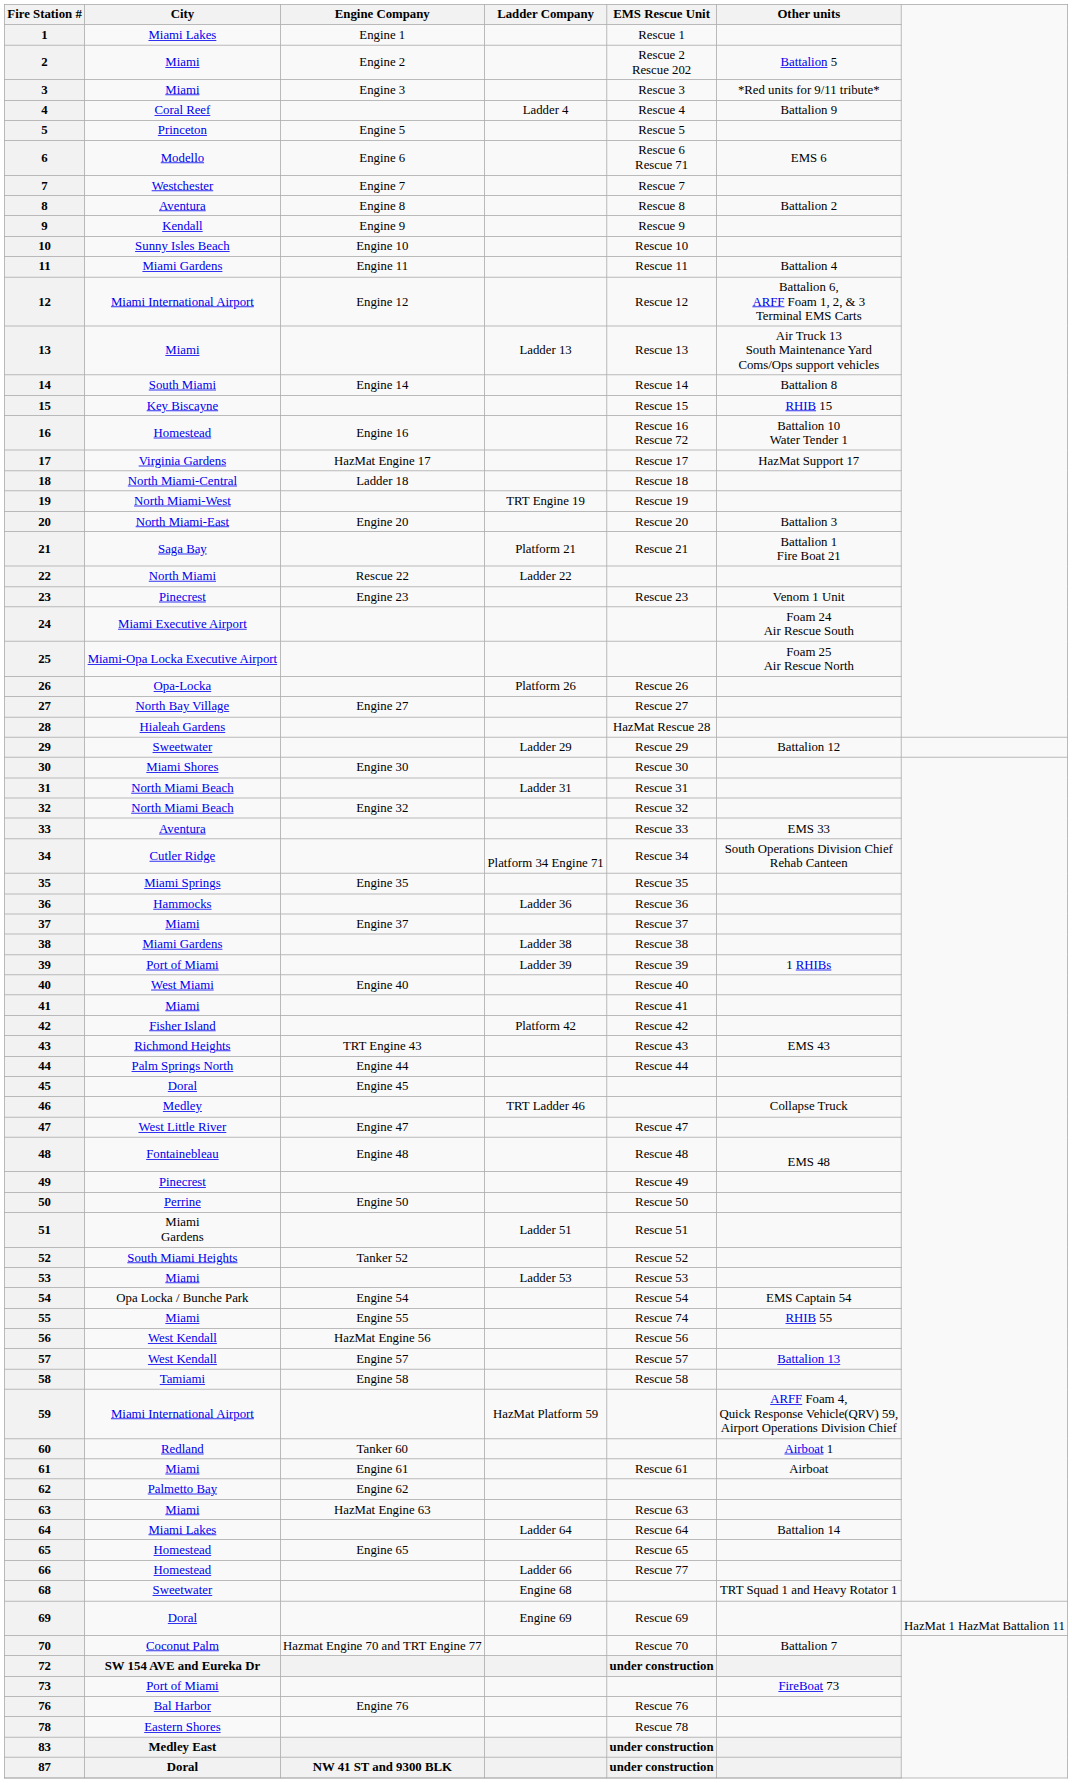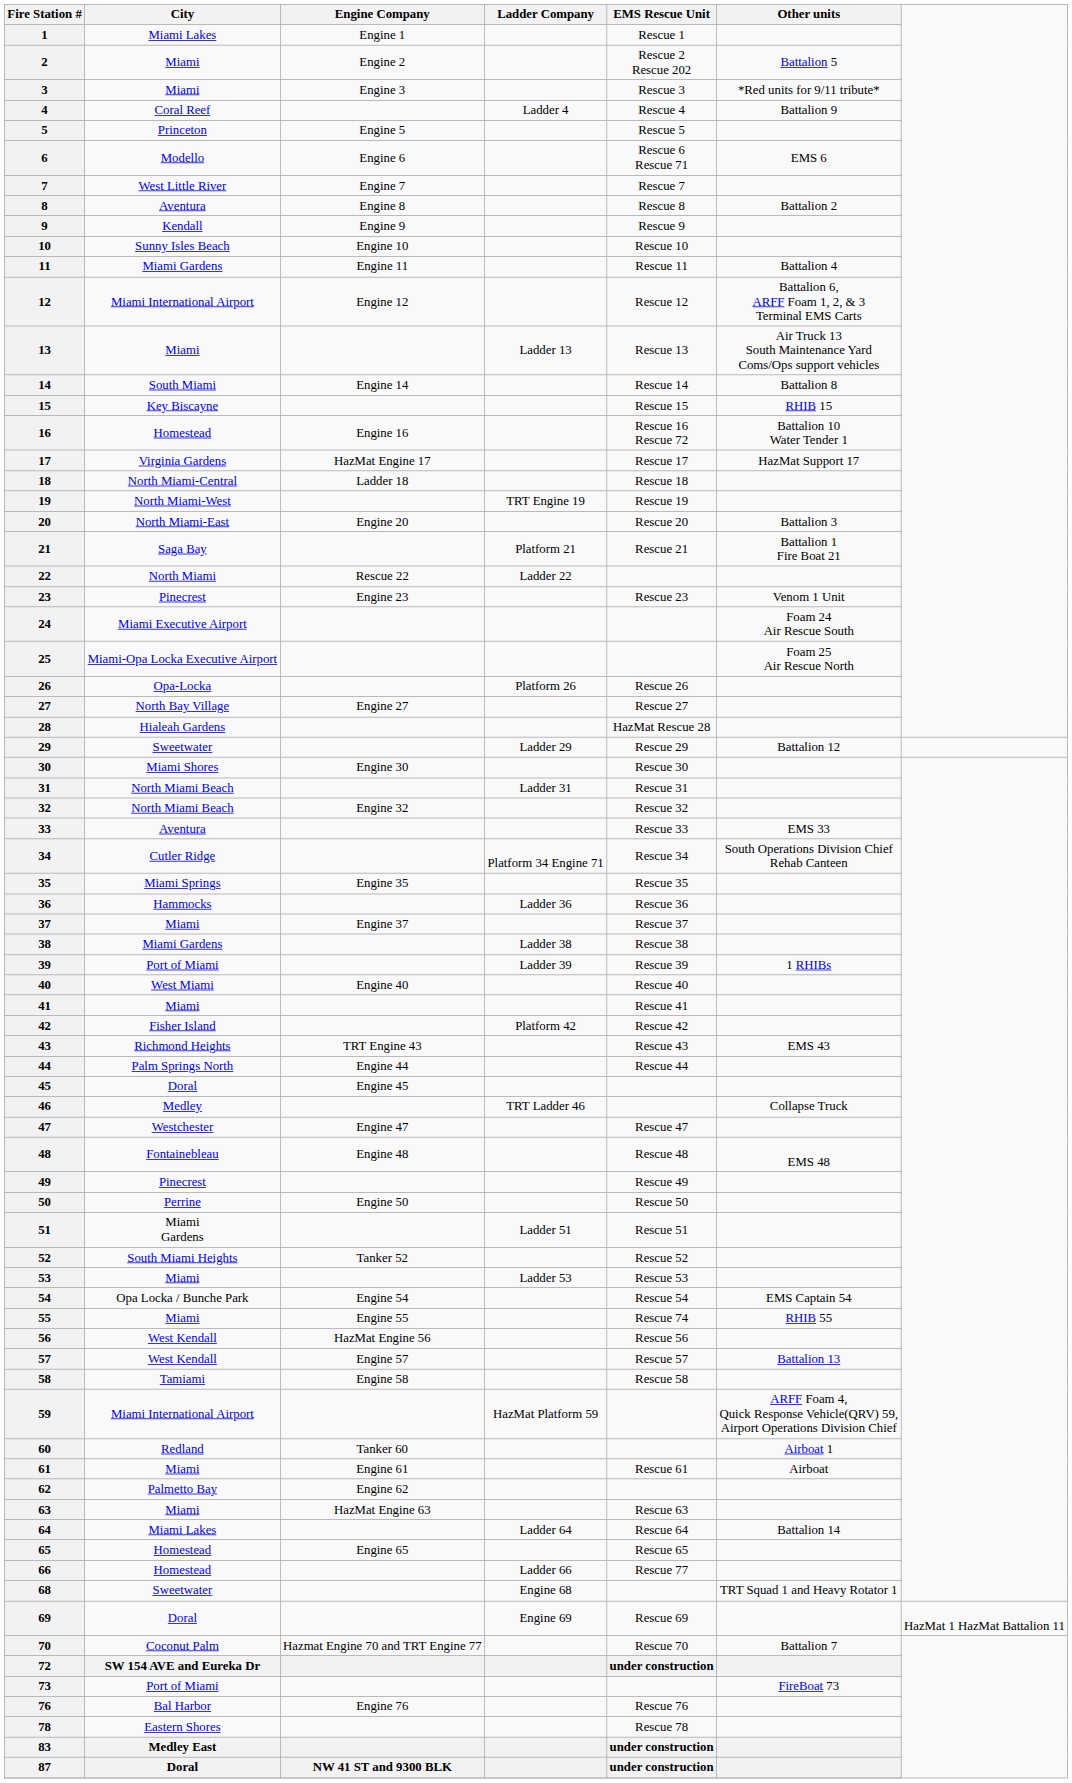 <table class=wikitable style="text-align:center;">
 <tr>
 <th>Fire Station #</th>
 <th>City</th>
 <th>Engine Company</th>
 <th>Ladder Company</th>
 <th>EMS Rescue Unit</th>
 <th>Other units</th>
 </tr>
 <tr>
 <th>1</th>
 <td><a href='#'>Miami Lakes</a></td>
 <td>Engine 1</td>
 <td></td>
 <td>Rescue 1</td>
 <td></td>
 </tr>
 <tr>
 <th>2</th>
 <td><a href='#'>Miami</a></td>
 <td>Engine 2</td>
 <td></td>
 <td>Rescue 2<br>Rescue 202</td>
 <td><a href='#'>Battalion</a> 5</td>
 </tr>
 <tr>
 <th>3</th>
 <td><a href='#'>Miami</a></td>
 <td>Engine 3</td>
 <td></td>
 <td>Rescue 3</td>
 <td>*Red units for 9/11 tribute*</td>
 </tr>
 <tr>
 <th>4</th>
 <td><a href='#'>Coral Reef</a></td>
 <td></td>
 <td>Ladder 4</td>
 <td>Rescue 4</td>
 <td>Battalion 9</td>
 </tr>
 <tr>
 <th>5</th>
 <td><a href='#'>Princeton</a></td>
 <td>Engine 5</td>
 <td></td>
 <td>Rescue 5</td>
 <td></td>
 </tr>
 <tr>
 <th>6</th>
 <td><a href='#'>Modello</a></td>
 <td>Engine 6</td>
 <td></td>
 <td>Rescue 6<br>Rescue 71</td>
 <td>EMS 6</td>
 </tr>
 <tr>
 <th>7</th>
-<td><a href='#'>Westchester</a></td>
+<td><a href='#'>West Little River</a></td>
 <td>Engine 7</td>
 <td></td>
 <td>Rescue 7</td>
 <td></td>
 </tr>
 <tr>
 <th>8</th>
 <td><a href='#'>Aventura</a></td>
 <td>Engine 8</td>
 <td></td>
 <td>Rescue 8</td>
 <td>Battalion 2</td>
 </tr>
 <tr>
 <th>9</th>
 <td><a href='#'>Kendall</a></td>
 <td>Engine 9</td>
 <td></td>
 <td>Rescue 9</td>
 <td></td>
 </tr>
 <tr>
 <th>10</th>
 <td><a href='#'>Sunny Isles Beach</a></td>
 <td>Engine 10</td>
 <td></td>
 <td>Rescue 10</td>
 <td></td>
 </tr>
 <tr>
 <th>11</th>
 <td><a href='#'>Miami Gardens</a></td>
 <td>Engine 11</td>
 <td></td>
 <td>Rescue 11</td>
 <td>Battalion 4</td>
 </tr>
 <tr>
 <th>12</th>
 <td><a href='#'>Miami International Airport</a></td>
 <td>Engine 12</td>
 <td></td>
 <td>Rescue 12</td>
 <td>Battalion 6,<br><a href='#'>ARFF</a> Foam 1, 2, & 3<br>Terminal EMS Carts</td>
 </tr>
 <tr>
 <th>13</th>
 <td><a href='#'>Miami</a></td>
 <td></td>
 <td>Ladder 13</td>
 <td>Rescue 13</td>
 <td>Air Truck 13<br>South Maintenance Yard<br>Coms/Ops support vehicles</td>
 </tr>
 <tr>
 <th>14</th>
 <td><a href='#'>South Miami</a></td>
 <td>Engine 14</td>
 <td></td>
 <td>Rescue 14</td>
 <td>Battalion 8</td>
 </tr>
 <tr>
 <th>15</th>
 <td><a href='#'>Key Biscayne</a></td>
 <td></td>
 <td></td>
 <td>Rescue 15</td>
 <td><a href='#'>RHIB</a> 15</td>
 </tr>
 <tr>
 <th>16</th>
 <td><a href='#'>Homestead</a></td>
 <td>Engine 16</td>
 <td></td>
 <td>Rescue 16<br>Rescue 72</td>
 <td>Battalion 10<br>Water Tender 1</td>
 </tr>
 <tr>
 <th>17</th>
 <td><a href='#'>Virginia Gardens</a></td>
 <td>HazMat Engine 17</td>
 <td></td>
 <td>Rescue 17</td>
 <td>HazMat Support 17</td>
 </tr>
 <tr>
 <th>18</th>
 <td><a href='#'>North Miami-Central</a></td>
 <td>Ladder 18</td>
 <td></td>
 <td>Rescue 18</td>
 <td></td>
 </tr>
 <tr>
 <th>19</th>
 <td><a href='#'>North Miami-West</a></td>
 <td></td>
 <td>TRT Engine 19</td>
 <td>Rescue 19</td>
 <td></td>
 </tr>
 <tr>
 <th>20</th>
 <td><a href='#'>North Miami-East</a></td>
 <td>Engine 20</td>
 <td></td>
 <td>Rescue 20</td>
 <td>Battalion 3</td>
 </tr>
 <tr>
 <th>21</th>
 <td><a href='#'>Saga Bay</a></td>
 <td></td>
 <td>Platform 21</td>
 <td>Rescue 21</td>
 <td>Battalion 1<br>Fire Boat 21</td>
 </tr>
 <tr>
 <th>22</th>
 <td><a href='#'>North Miami</a></td>
 <td>Rescue 22</td>
 <td>Ladder 22</td>
 <td></td>
 <td></td>
 </tr>
 <tr>
 <th>23</th>
 <td><a href='#'>Pinecrest</a></td>
 <td>Engine 23</td>
 <td></td>
 <td>Rescue 23</td>
 <td>Venom 1 Unit</td>
 </tr>
 <tr>
 <th>24</th>
 <td><a href='#'>Miami Executive Airport</a></td>
 <td></td>
 <td></td>
 <td></td>
 <td>Foam 24<br>Air Rescue South</td>
 </tr>
 <tr>
 <th>25</th>
 <td><a href='#'>Miami-Opa Locka Executive Airport</a></td>
 <td></td>
 <td></td>
 <td></td>
 <td>Foam 25<br>Air Rescue North</td>
 </tr>
 <tr>
 <th>26</th>
 <td><a href='#'>Opa-Locka</a></td>
 <td></td>
 <td>Platform 26</td>
 <td>Rescue 26</td>
 <td></td>
 </tr>
 <tr>
 <th>27</th>
 <td><a href='#'>North Bay Village</a></td>
 <td>Engine 27</td>
 <td></td>
 <td>Rescue 27</td>
 <td></td>
 </tr>
 <tr>
 <th>28</th>
 <td><a href='#'>Hialeah Gardens</a></td>
 <td></td>
 <td></td>
 <td>HazMat Rescue 28</td>
 <td></td>
 </tr>
 <tr>
 <th>29</th>
 <td><a href='#'>Sweetwater</a></td>
 <td></td>
 <td>Ladder 29</td>
 <td>Rescue 29</td>
 <td>Battalion 12</td>
 <td></td>
 </tr>
 <tr>
 <th>30</th>
 <td><a href='#'>Miami Shores</a></td>
 <td>Engine 30</td>
 <td></td>
 <td>Rescue 30</td>
 <td></td>
 </tr>
 <tr>
 <th>31</th>
 <td><a href='#'>North Miami Beach</a></td>
 <td></td>
 <td>Ladder 31</td>
 <td>Rescue 31</td>
 <td></td>
 </tr>
 <tr>
 <th>32</th>
 <td><a href='#'>North Miami Beach</a></td>
 <td>Engine 32</td>
 <td></td>
 <td>Rescue 32</td>
 <td></td>
 </tr>
 <tr>
 <th>33</th>
 <td><a href='#'>Aventura</a></td>
 <td></td>
 <td></td>
 <td>Rescue 33</td>
 <td>EMS 33</td>
 </tr>
 <tr>
 <th>34</th>
 <td><a href='#'>Cutler Ridge</a></td>
 <td></td>
 <td><br>Platform 34 Engine 71</td>
 <td>Rescue 34</td>
 <td>South Operations Division Chief<br>Rehab Canteen</td>
 </tr>
 <tr>
 <th>35</th>
 <td><a href='#'>Miami Springs</a></td>
 <td>Engine 35</td>
 <td></td>
 <td>Rescue 35</td>
 <td></td>
 </tr>
 <tr>
 <th>36</th>
 <td><a href='#'>Hammocks</a></td>
 <td></td>
 <td>Ladder 36</td>
 <td>Rescue 36</td>
 <td></td>
 </tr>
 <tr>
 <th>37</th>
 <td><a href='#'>Miami</a></td>
 <td>Engine 37</td>
 <td></td>
 <td>Rescue 37</td>
 <td></td>
 </tr>
 <tr>
 <th>38</th>
 <td><a href='#'>Miami Gardens</a></td>
 <td></td>
 <td>Ladder 38</td>
 <td>Rescue 38</td>
 <td></td>
 </tr>
 <tr>
 <th>39</th>
 <td><a href='#'>Port of Miami</a></td>
 <td></td>
 <td>Ladder 39</td>
 <td>Rescue 39</td>
 <td>1 <a href='#'>RHIBs</a></td>
 </tr>
 <tr>
 <th>40</th>
 <td><a href='#'>West Miami</a></td>
 <td>Engine 40</td>
 <td></td>
 <td>Rescue 40</td>
 <td></td>
 </tr>
 <tr>
 <th>41</th>
 <td><a href='#'>Miami</a></td>
 <td></td>
 <td></td>
 <td>Rescue 41</td>
 <td></td>
 </tr>
 <tr>
 <th>42</th>
 <td><a href='#'>Fisher Island</a></td>
 <td></td>
 <td>Platform 42</td>
 <td>Rescue 42</td>
 <td></td>
 </tr>
 <tr>
 <th>43</th>
 <td><a href='#'>Richmond Heights</a></td>
 <td>TRT Engine 43</td>
 <td></td>
 <td>Rescue 43</td>
 <td>EMS 43</td>
 </tr>
 <tr>
 <th>44</th>
 <td><a href='#'>Palm Springs North</a></td>
 <td>Engine 44</td>
 <td></td>
 <td>Rescue 44</td>
 <td></td>
 </tr>
 <tr>
 <th>45</th>
 <td><a href='#'>Doral</a></td>
 <td>Engine 45</td>
 <td></td>
 <td></td>
 <td></td>
 </tr>
 <tr>
 <th>46</th>
 <td><a href='#'>Medley</a></td>
 <td></td>
 <td>TRT Ladder 46</td>
 <td></td>
 <td>Collapse Truck</td>
 </tr>
 <tr>
 <th>47</th>
-<td><a href='#'>West Little River</a></td>
+<td><a href='#'>Westchester</a></td>
 <td>Engine 47</td>
 <td></td>
 <td>Rescue 47</td>
 <td></td>
 </tr>
 <tr>
 <th>48</th>
 <td><a href='#'>Fontainebleau</a></td>
 <td>Engine 48</td>
 <td></td>
 <td>Rescue 48</td>
 <td><br>EMS 48</td>
 </tr>
 <tr>
 <th>49</th>
 <td><a href='#'>Pinecrest</a></td>
 <td></td>
 <td></td>
 <td>Rescue 49</td>
 <td></td>
 </tr>
 <tr>
 <th>50</th>
 <td><a href='#'>Perrine</a></td>
 <td>Engine 50</td>
 <td></td>
 <td>Rescue 50</td>
 <td></td>
 </tr>
 <tr>
 <th>51</th>
 <td>Miami<br>Gardens</td>
 <td></td>
 <td>Ladder 51</td>
 <td>Rescue 51</td>
 <td></td>
 </tr>
 <tr>
 <th>52</th>
 <td><a href='#'>South Miami Heights</a></td>
 <td>Tanker 52</td>
 <td></td>
 <td>Rescue 52</td>
 <td></td>
 </tr>
 <tr>
 <th>53</th>
 <td><a href='#'>Miami</a></td>
 <td></td>
 <td>Ladder 53</td>
 <td>Rescue 53</td>
 <td></td>
 </tr>
 <tr>
 <th>54</th>
 <td>Opa Locka / Bunche Park</td>
 <td>Engine 54</td>
 <td></td>
 <td>Rescue 54</td>
 <td>EMS Captain 54</td>
 </tr>
 <tr>
 <th>55</th>
 <td><a href='#'>Miami</a></td>
 <td>Engine 55</td>
 <td></td>
 <td>Rescue 74</td>
 <td><a href='#'>RHIB</a> 55</td>
 </tr>
 <tr>
 <th>56</th>
 <td><a href='#'>West Kendall</a></td>
 <td>HazMat Engine 56</td>
 <td></td>
 <td>Rescue 56</td>
 <td></td>
 </tr>
 <tr>
 <th>57</th>
 <td><a href='#'>West Kendall</a></td>
 <td>Engine 57</td>
 <td></td>
 <td>Rescue 57</td>
 <td><a href='#'>Battalion 13</a></td>
 </tr>
 <tr>
 <th>58</th>
 <td><a href='#'>Tamiami</a></td>
 <td>Engine 58</td>
 <td></td>
 <td>Rescue 58</td>
 <td></td>
 </tr>
 <tr>
 <th>59</th>
 <td><a href='#'>Miami International Airport</a></td>
 <td></td>
 <td>HazMat Platform 59</td>
 <td></td>
 <td><a href='#'>ARFF</a> Foam 4,<br>Quick Response Vehicle(QRV) 59,<br>Airport Operations Division Chief</td>
 </tr>
 <tr>
 <th>60</th>
 <td><a href='#'>Redland</a></td>
 <td>Tanker 60</td>
 <td></td>
 <td></td>
 <td><a href='#'>Airboat</a> 1</td>
 </tr>
 <tr>
 <th>61</th>
 <td><a href='#'>Miami</a></td>
 <td>Engine 61</td>
 <td></td>
 <td>Rescue 61</td>
 <td>Airboat</td>
 </tr>
 <tr>
 <th>62</th>
 <td><a href='#'>Palmetto Bay</a></td>
 <td>Engine 62</td>
 <td></td>
 <td></td>
 <td></td>
 </tr>
 <tr>
 <th>63</th>
 <td><a href='#'>Miami</a></td>
 <td>HazMat Engine 63</td>
 <td></td>
 <td>Rescue 63</td>
 <td></td>
 </tr>
 <tr>
 <th>64</th>
 <td><a href='#'>Miami Lakes</a></td>
 <td></td>
 <td>Ladder 64</td>
 <td>Rescue 64</td>
 <td>Battalion 14</td>
 </tr>
 <tr>
 <th>65</th>
 <td><a href='#'>Homestead</a></td>
 <td>Engine 65</td>
 <td></td>
 <td>Rescue 65</td>
 <td></td>
 </tr>
 <tr>
 <th>66</th>
 <td><a href='#'>Homestead</a></td>
 <td></td>
 <td>Ladder 66</td>
 <td>Rescue 77</td>
 <td></td>
 </tr>
 <tr>
 <th>68</th>
 <td><a href='#'>Sweetwater</a></td>
 <td></td>
 <td>Engine 68</td>
 <td></td>
 <td>TRT Squad 1 and Heavy Rotator 1</td>
 </tr>
 <tr>
 <th>69</th>
 <td><a href='#'>Doral</a></td>
 <td></td>
 <td>Engine 69</td>
 <td>Rescue 69</td>
 <td></td>
 <td><br>HazMat 1 HazMat Battalion 11</td>
 </tr>
 <tr>
 <th>70</th>
 <td><a href='#'>Coconut Palm</a></td>
 <td>Hazmat Engine 70 and TRT Engine 77</td>
 <td></td>
 <td>Rescue 70</td>
 <td>Battalion 7</td>
 </tr>
 <tr>
 <th>72</th>
 <th>SW 154 AVE and Eureka Dr</th>
 <th></th>
 <th></th>
 <th>under construction</th>
 <th></th>
 </tr>
 <tr>
 <th>73</th>
 <td><a href='#'>Port of Miami</a></td>
 <td></td>
 <td></td>
 <td></td>
 <td><a href='#'>FireBoat</a> 73</td>
 </tr>
 <tr>
 <th>76</th>
 <td><a href='#'>Bal Harbor</a></td>
 <td>Engine 76</td>
 <td></td>
 <td>Rescue 76</td>
 <td></td>
 </tr>
 <tr>
 <th>78</th>
 <td><a href='#'>Eastern Shores</a></td>
 <td></td>
 <td></td>
 <td>Rescue 78</td>
 <td></td>
 </tr>
 <tr>
 <th>83</th>
 <th>Medley East</th>
 <th></th>
 <th></th>
 <th>under construction</th>
 <th></th>
 </tr>
 <tr>
 <th>87</th>
 <th>Doral</th>
 <th>NW 41 ST and 9300 BLK</th>
 <th></th>
 <th>under construction</th>
 <th></th>
 </tr>
 <tr>
 </tr>
 </table>
